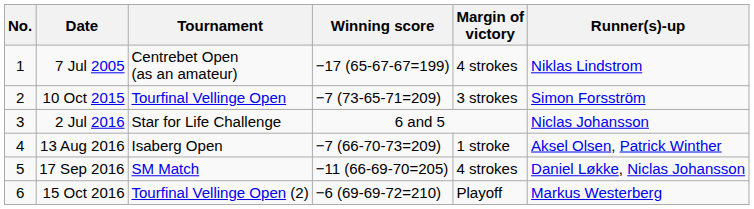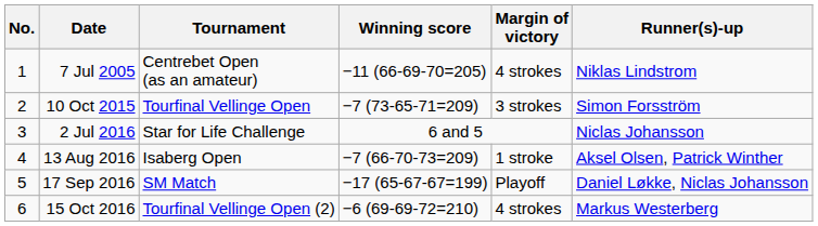 <table class="wikitable" style="font-size:95%;">
 <tr>
 <th>No.</th>
 <th>Date</th>
 <th>Tournament</th>
 <th>Winning score</th>
 <th>Margin of<br>victory</th>
 <th>Runner(s)-up</th>
 </tr>
 <tr>
 <td align=center>1</td>
 <td align=right>7 Jul <a href='#'>2005</a></td>
 <td>Centrebet Open<br>(as an amateur)</td>
-<td>−17 (65-67-67=199)</td>
+<td>−11 (66-69-70=205)</td>
 <td>4 strokes</td>
 <td> <a href='#'>Niklas Lindstrom</a></td>
 </tr>
 <tr>
 <td align=center>2</td>
 <td align=right>10 Oct <a href='#'>2015</a></td>
 <td><a href='#'>Tourfinal Vellinge Open</a></td>
 <td>−7 (73-65-71=209)</td>
 <td>3 strokes</td>
 <td> <a href='#'>Simon Forsström</a></td>
 </tr>
 <tr>
 <td align=center>3</td>
 <td align=right>2 Jul <a href='#'>2016</a></td>
 <td>Star for Life Challenge</td>
 <td colspan=2 align=center>6 and 5</td>
 <td> <a href='#'>Niclas Johansson</a></td>
 </tr>
 <tr>
 <td align=center>4</td>
 <td align=right>13 Aug 2016</td>
 <td>Isaberg Open</td>
 <td>−7 (66-70-73=209)</td>
 <td>1 stroke</td>
 <td> <a href='#'>Aksel Olsen</a>,  <a href='#'>Patrick Winther</a></td>
 </tr>
 <tr>
 <td align=center>5</td>
 <td align=right>17 Sep 2016</td>
 <td><a href='#'>SM Match</a></td>
-<td>−11 (66-69-70=205)</td>
-<td>4 strokes</td>
+<td>−17 (65-67-67=199)</td>
+<td>Playoff</td>
 <td> <a href='#'>Daniel Løkke</a>,  <a href='#'>Niclas Johansson</a></td>
 </tr>
 <tr>
 <td align=center>6</td>
 <td align=right>15 Oct 2016</td>
 <td><a href='#'>Tourfinal Vellinge Open</a> (2)</td>
 <td>−6 (69-69-72=210)</td>
-<td>Playoff</td>
+<td>4 strokes</td>
 <td> <a href='#'>Markus Westerberg</a></td>
 </tr>
 </table>
